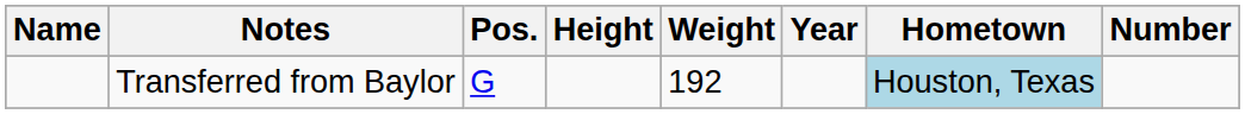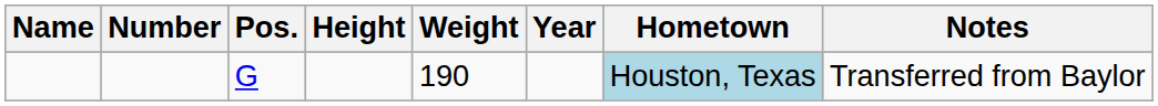 <table class="wikitable sortable">
 <tr>
 <th>Name</th>
-<th class="unsortable">Notes</th>
+<th>Number</th>
 <th>Pos.</th>
 <th>Height</th>
 <th>Weight</th>
 <th>Year</th>
 <th>Hometown</th>
-<th>Number</th>
+<th class="unsortable">Notes</th>
 </tr>
 <tr>
 <td></td>
-<td>Transferred from Baylor</td>
+<td></td>
 <td><a href='#'>G</a></td>
 <td></td>
-<td>192</td>
+<td>190</td>
 <td></td>
 <td style="background: lightblue;">Houston, Texas</td>
-<td></td>
+<td>Transferred from Baylor</td>
 </tr>
 </table>
